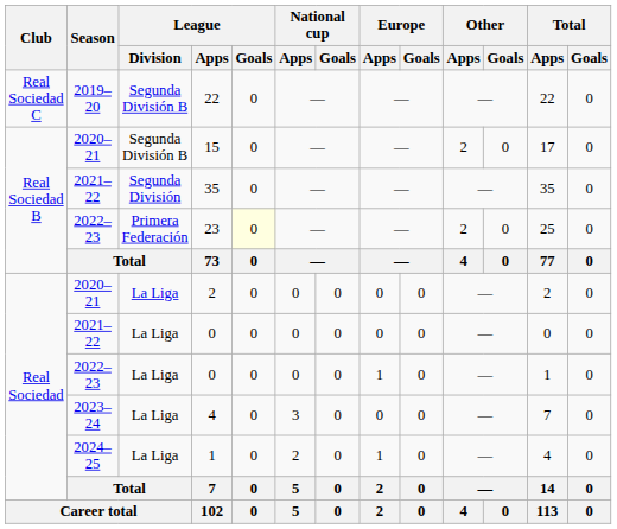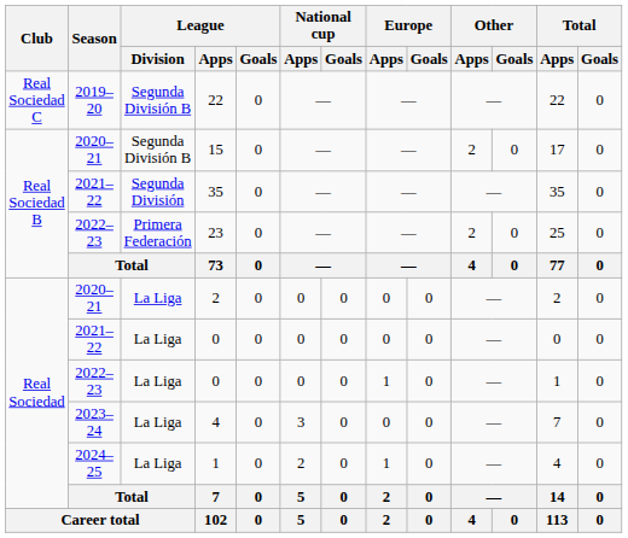 <table class="wikitable" style="text-align: center">
 <tr>
 <th rowspan="2">Club</th>
 <th rowspan="2">Season</th>
 <th colspan="3">League</th>
 <th colspan="2">National cup</th>
 <th colspan="2">Europe</th>
 <th colspan="2">Other</th>
 <th colspan="2">Total</th>
 </tr>
 <tr>
 <th>Division</th>
 <th>Apps</th>
 <th>Goals</th>
 <th>Apps</th>
 <th>Goals</th>
 <th>Apps</th>
 <th>Goals</th>
 <th>Apps</th>
 <th>Goals</th>
 <th>Apps</th>
 <th>Goals</th>
 </tr>
 <tr>
 <td><a href='#'>Real Sociedad C</a></td>
 <td><a href='#'>2019–20</a></td>
 <td><a href='#'>Segunda División B</a></td>
 <td>22</td>
 <td>0</td>
 <td colspan="2">—</td>
 <td colspan="2">—</td>
 <td colspan="2">—</td>
 <td>22</td>
 <td>0</td>
 </tr>
 <tr>
 <td rowspan="4"><a href='#'>Real Sociedad B</a></td>
 <td><a href='#'>2020–21</a></td>
 <td>Segunda División B</td>
 <td>15</td>
 <td>0</td>
 <td colspan="2">—</td>
 <td colspan="2">—</td>
 <td>2</td>
 <td>0</td>
 <td>17</td>
 <td>0</td>
 </tr>
 <tr>
 <td><a href='#'>2021–22</a></td>
 <td><a href='#'>Segunda División</a></td>
 <td>35</td>
 <td>0</td>
 <td colspan="2">—</td>
 <td colspan="2">—</td>
 <td colspan="2">—</td>
 <td>35</td>
 <td>0</td>
 </tr>
 <tr>
 <td><a href='#'>2022–23</a></td>
 <td><a href='#'>Primera Federación</a></td>
 <td>23</td>
-<td style="background: lightyellow;">0</td>
+<td>0</td>
 <td colspan="2">—</td>
 <td colspan="2">—</td>
 <td>2</td>
 <td>0</td>
 <td>25</td>
 <td>0</td>
 </tr>
 <tr>
 <th colspan="2">Total</th>
 <th>73</th>
 <th>0</th>
 <th colspan="2">—</th>
 <th colspan="2">—</th>
 <th>4</th>
 <th>0</th>
 <th>77</th>
 <th>0</th>
 </tr>
 <tr>
 <td rowspan="6"><a href='#'>Real Sociedad</a></td>
 <td><a href='#'>2020–21</a></td>
 <td><a href='#'>La Liga</a></td>
 <td>2</td>
 <td>0</td>
 <td>0</td>
 <td>0</td>
 <td>0</td>
 <td>0</td>
 <td colspan="2">—</td>
 <td>2</td>
 <td>0</td>
 </tr>
 <tr>
 <td><a href='#'>2021–22</a></td>
 <td>La Liga</td>
 <td>0</td>
 <td>0</td>
 <td>0</td>
 <td>0</td>
 <td>0</td>
 <td>0</td>
 <td colspan="2">—</td>
 <td>0</td>
 <td>0</td>
 </tr>
 <tr>
 <td><a href='#'>2022–23</a></td>
 <td>La Liga</td>
 <td>0</td>
 <td>0</td>
 <td>0</td>
 <td>0</td>
 <td>1</td>
 <td>0</td>
 <td colspan="2">—</td>
 <td>1</td>
 <td>0</td>
 </tr>
 <tr>
 <td><a href='#'>2023–24</a></td>
 <td>La Liga</td>
 <td>4</td>
 <td>0</td>
 <td>3</td>
 <td>0</td>
 <td>0</td>
 <td>0</td>
 <td colspan="2">—</td>
 <td>7</td>
 <td>0</td>
 </tr>
 <tr>
 <td><a href='#'>2024–25</a></td>
 <td>La Liga</td>
 <td>1</td>
 <td>0</td>
 <td>2</td>
 <td>0</td>
 <td>1</td>
 <td>0</td>
 <td colspan="2">—</td>
 <td>4</td>
 <td>0</td>
 </tr>
 <tr>
 <th colspan="2">Total</th>
 <th>7</th>
 <th>0</th>
 <th>5</th>
 <th>0</th>
 <th>2</th>
 <th>0</th>
 <th colspan="2">—</th>
 <th>14</th>
 <th>0</th>
 </tr>
 <tr>
 <th colspan="3">Career total</th>
 <th>102</th>
 <th>0</th>
 <th>5</th>
 <th>0</th>
 <th>2</th>
 <th>0</th>
 <th>4</th>
 <th>0</th>
 <th>113</th>
 <th>0</th>
 </tr>
 </table>
